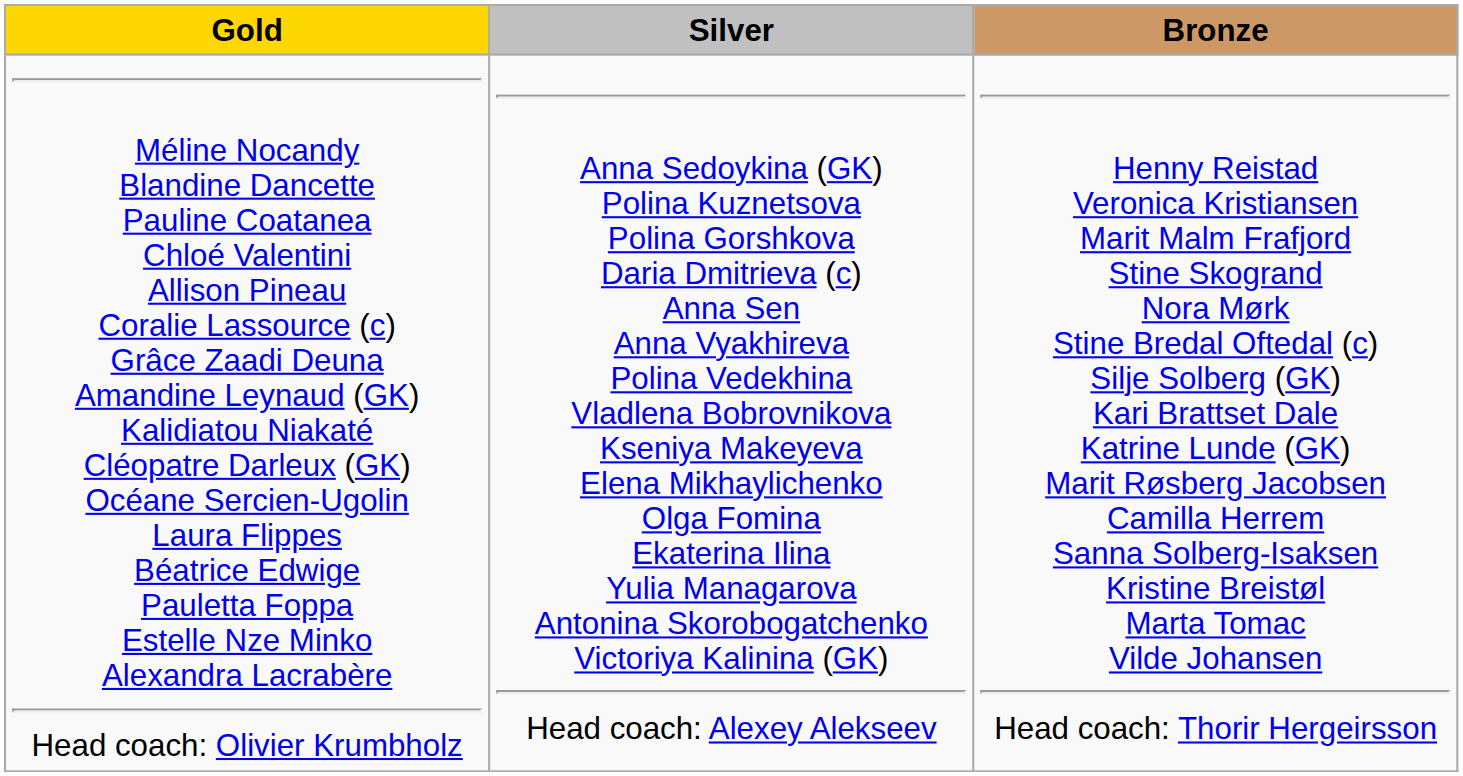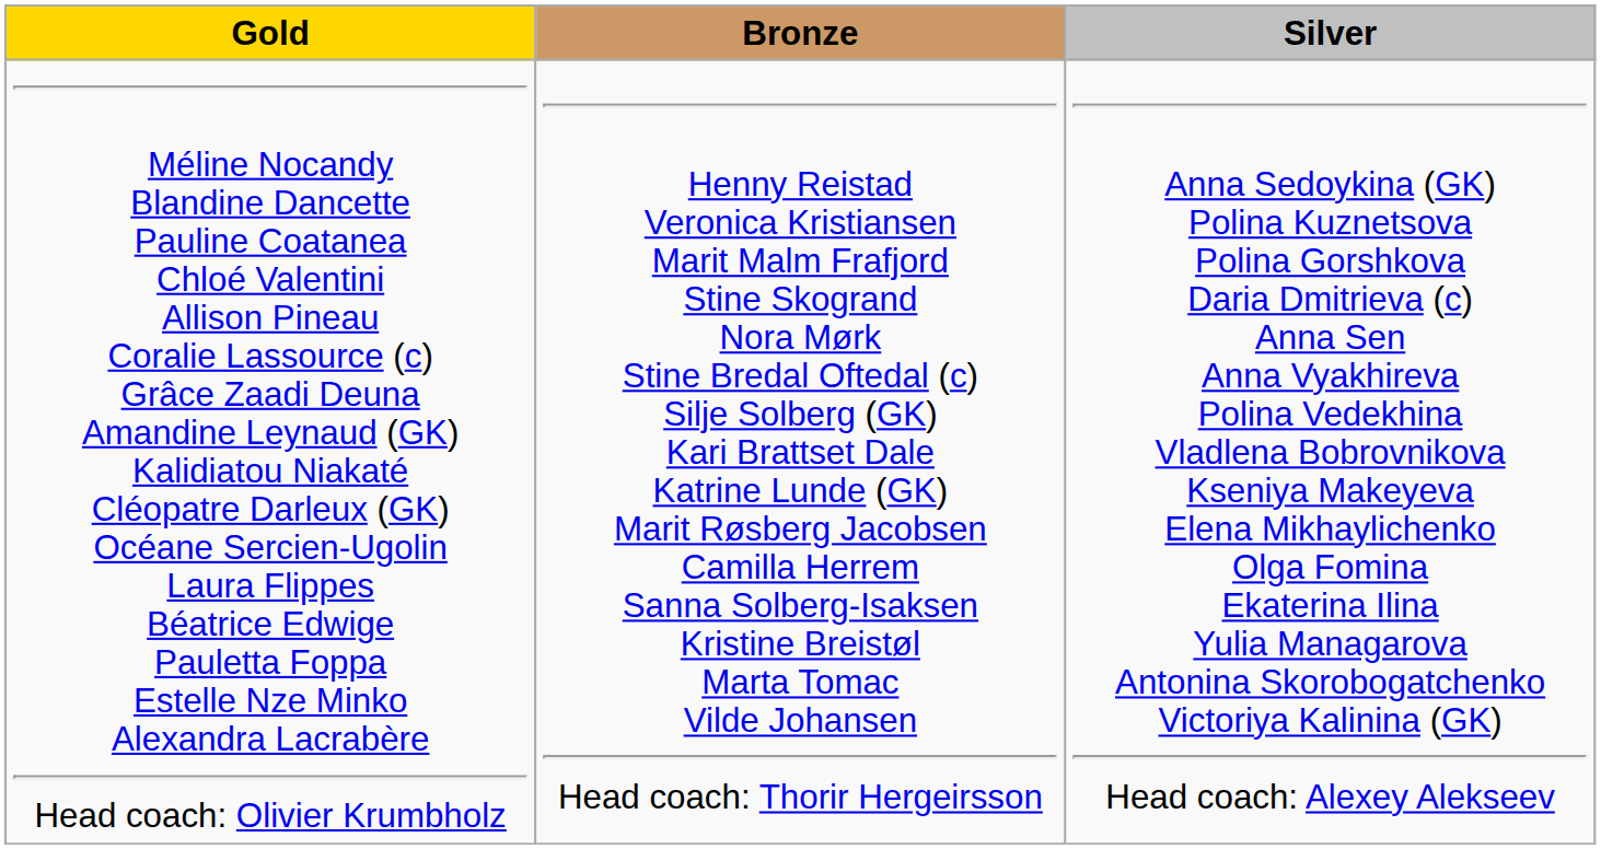 <table class="wikitable" style="text-align: center; font-size: 95%;">
 <tr>
 <td style="width: 15em; background: gold"><strong>Gold</strong></td>
+<td style="width: 15em; background: #CC9966"><strong>Bronze</strong></td>
 <td style="width: 15em; background: silver"><strong>Silver</strong></td>
-<td style="width: 15em; background: #CC9966"><strong>Bronze</strong></td>
 </tr>
 <tr>
 <td><hr><br><a href='#'>Méline Nocandy</a><br><a href='#'>Blandine Dancette</a><br><a href='#'>Pauline Coatanea</a><br><a href='#'>Chloé Valentini</a><br><a href='#'>Allison Pineau</a><br><a href='#'>Coralie Lassource</a> (<a href='#'>c</a>)<br><a href='#'>Grâce Zaadi Deuna</a><br><a href='#'>Amandine Leynaud</a> (<a href='#'>GK</a>)<br><a href='#'>Kalidiatou Niakaté</a><br><a href='#'>Cléopatre Darleux</a> (<a href='#'>GK</a>)<br><a href='#'>Océane Sercien-Ugolin</a><br><a href='#'>Laura Flippes</a><br><a href='#'>Béatrice Edwige</a><br><a href='#'>Pauletta Foppa</a><br><a href='#'>Estelle Nze Minko</a><br><a href='#'>Alexandra Lacrabère</a><br><hr>Head coach: <a href='#'>Olivier Krumbholz</a></td>
+<td><hr><br><a href='#'>Henny Reistad</a><br><a href='#'>Veronica Kristiansen</a><br><a href='#'>Marit Malm Frafjord</a><br><a href='#'>Stine Skogrand</a><br><a href='#'>Nora Mørk</a><br><a href='#'>Stine Bredal Oftedal</a> (<a href='#'>c</a>)<br><a href='#'>Silje Solberg</a> (<a href='#'>GK</a>)<br><a href='#'>Kari Brattset Dale</a><br><a href='#'>Katrine Lunde</a> (<a href='#'>GK</a>)<br><a href='#'>Marit Røsberg Jacobsen</a><br><a href='#'>Camilla Herrem</a><br><a href='#'>Sanna Solberg-Isaksen</a><br><a href='#'>Kristine Breistøl</a><br><a href='#'>Marta Tomac</a><br><a href='#'>Vilde Johansen</a><br><hr>Head coach: <a href='#'>Thorir Hergeirsson</a></td>
 <td><hr><br><a href='#'>Anna Sedoykina</a> (<a href='#'>GK</a>)<br><a href='#'>Polina Kuznetsova</a><br><a href='#'>Polina Gorshkova</a><br><a href='#'>Daria Dmitrieva</a> (<a href='#'>c</a>)<br><a href='#'>Anna Sen</a><br><a href='#'>Anna Vyakhireva</a><br><a href='#'>Polina Vedekhina</a><br><a href='#'>Vladlena Bobrovnikova</a><br><a href='#'>Kseniya Makeyeva</a><br><a href='#'>Elena Mikhaylichenko</a><br><a href='#'>Olga Fomina</a><br><a href='#'>Ekaterina Ilina</a><br><a href='#'>Yulia Managarova</a><br><a href='#'>Antonina Skorobogatchenko</a><br><a href='#'>Victoriya Kalinina</a> (<a href='#'>GK</a>)<br><hr>Head coach: <a href='#'>Alexey Alekseev</a></td>
-<td><hr><br><a href='#'>Henny Reistad</a><br><a href='#'>Veronica Kristiansen</a><br><a href='#'>Marit Malm Frafjord</a><br><a href='#'>Stine Skogrand</a><br><a href='#'>Nora Mørk</a><br><a href='#'>Stine Bredal Oftedal</a> (<a href='#'>c</a>)<br><a href='#'>Silje Solberg</a> (<a href='#'>GK</a>)<br><a href='#'>Kari Brattset Dale</a><br><a href='#'>Katrine Lunde</a> (<a href='#'>GK</a>)<br><a href='#'>Marit Røsberg Jacobsen</a><br><a href='#'>Camilla Herrem</a><br><a href='#'>Sanna Solberg-Isaksen</a><br><a href='#'>Kristine Breistøl</a><br><a href='#'>Marta Tomac</a><br><a href='#'>Vilde Johansen</a><br><hr>Head coach: <a href='#'>Thorir Hergeirsson</a></td>
 </tr>
 </table>
